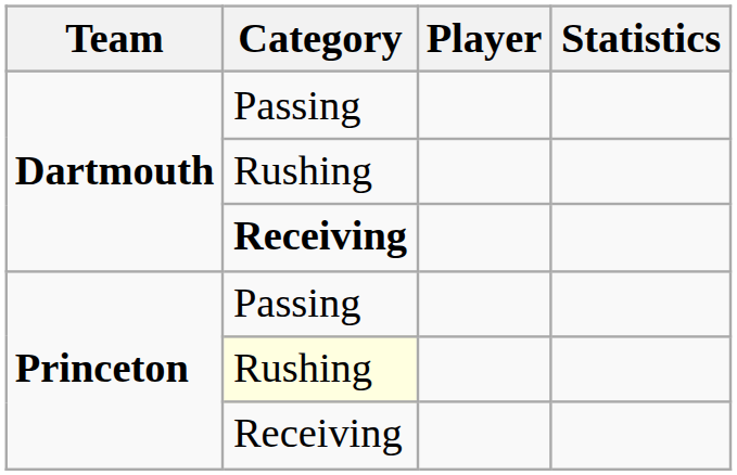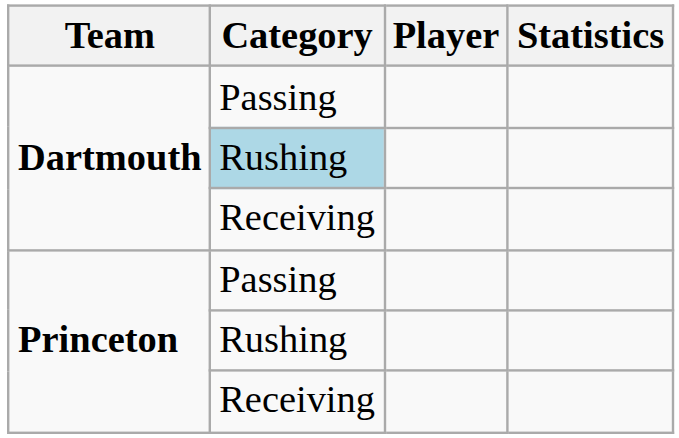 <table class="wikitable" style="float: right;">
 <tr>
 <th>Team</th>
 <th>Category</th>
 <th>Player</th>
 <th>Statistics</th>
 </tr>
 <tr>
 <td rowspan=3><strong>Dartmouth</strong></td>
 <td>Passing</td>
 <td></td>
 <td></td>
 </tr>
 <tr>
-<td>Rushing</td>
+<td style="background: lightblue;">Rushing</td>
 <td></td>
 <td></td>
 </tr>
 <tr>
-<td><strong>Receiving</strong></td>
+<td>Receiving</td>
 <td></td>
 <td></td>
 </tr>
 <tr>
 <td rowspan=3><strong>Princeton</strong></td>
 <td>Passing</td>
 <td></td>
 <td></td>
 </tr>
 <tr>
-<td style="background: lightyellow;">Rushing</td>
+<td>Rushing</td>
 <td></td>
 <td></td>
 </tr>
 <tr>
 <td>Receiving</td>
 <td></td>
 <td></td>
 </tr>
 </table>
